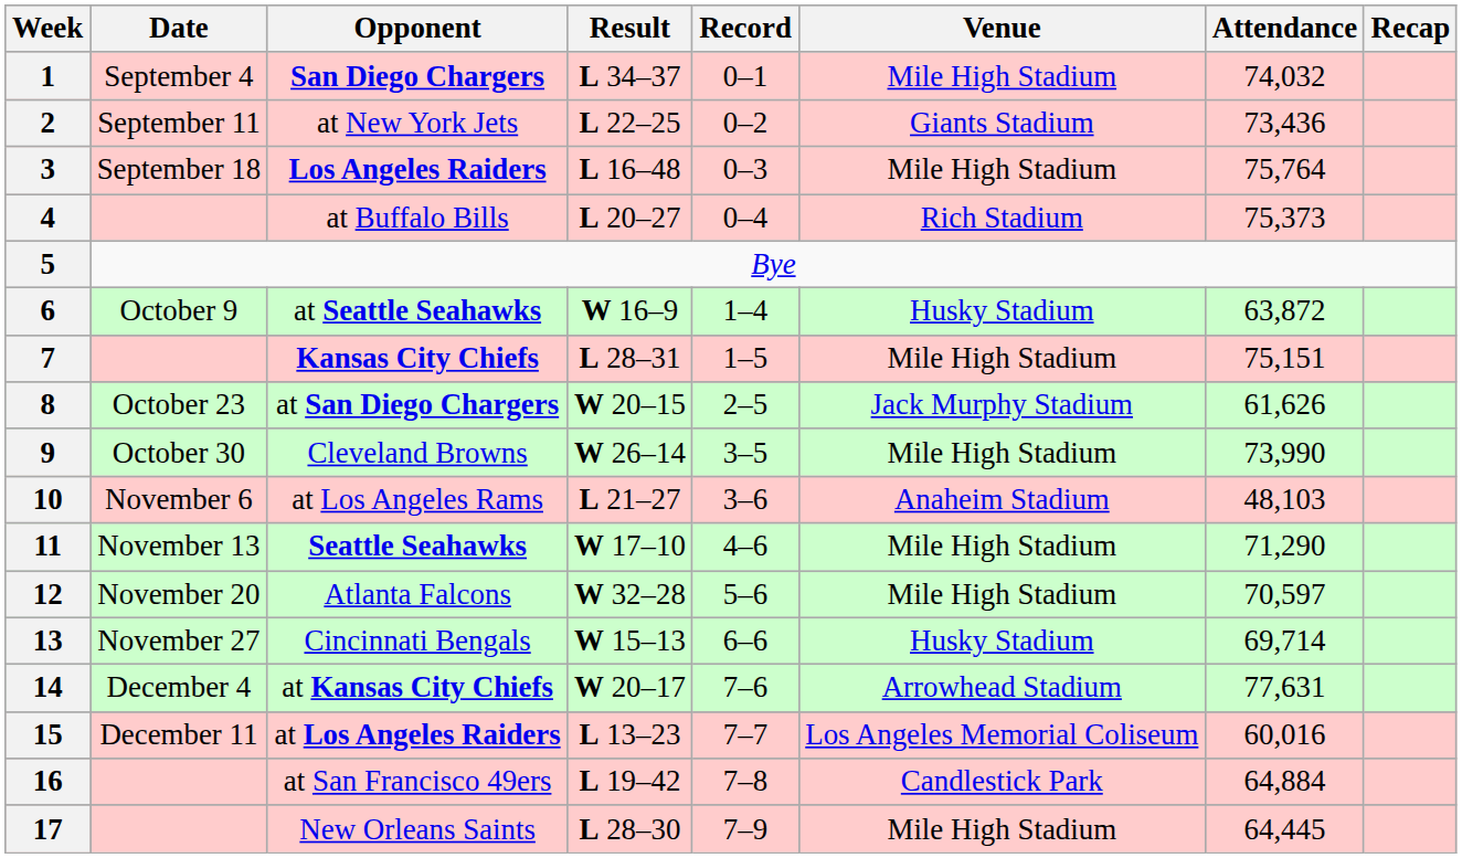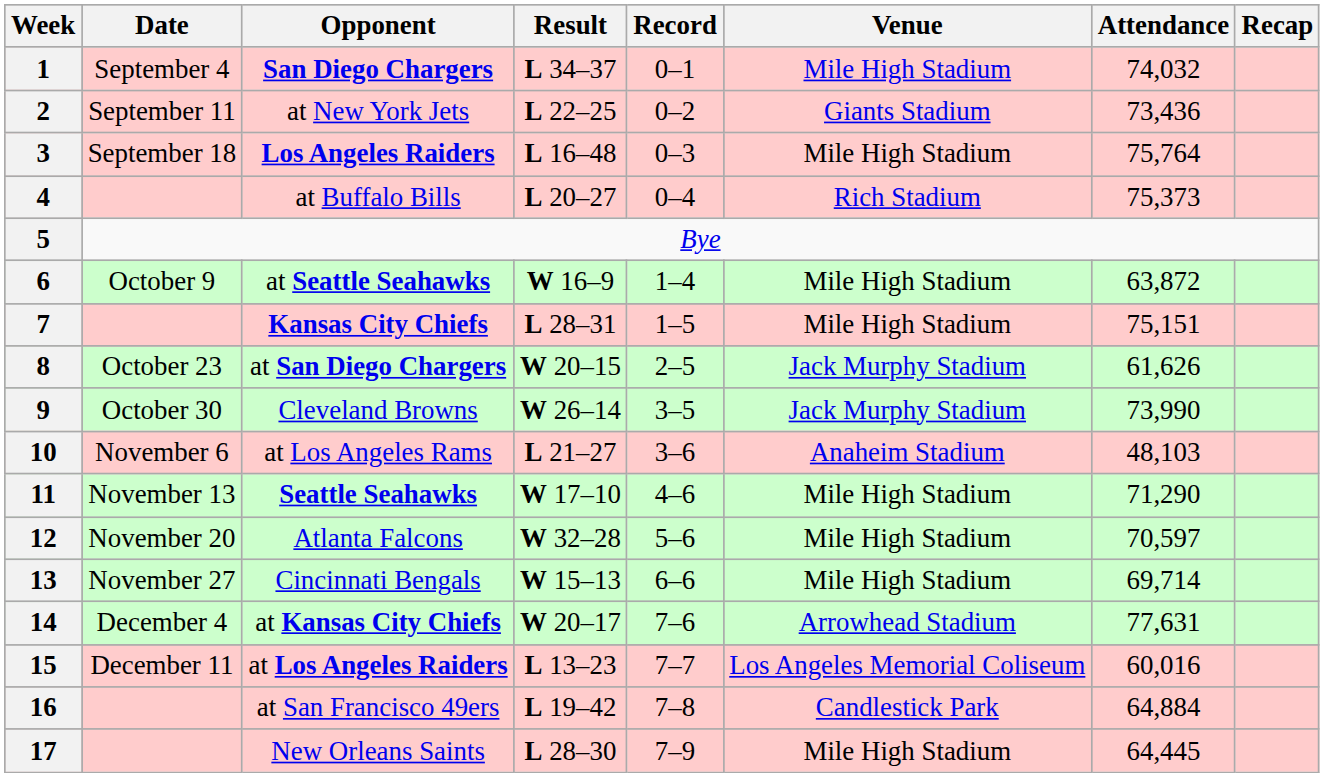 <table class="wikitable" style="text-align:center">
 <tr>
 <th>Week</th>
 <th>Date</th>
 <th>Opponent</th>
 <th>Result</th>
 <th>Record</th>
 <th>Venue</th>
 <th>Attendance</th>
 <th>Recap</th>
 </tr>
 <tr style="background:#fcc">
 <th>1</th>
 <td>September 4</td>
 <td><strong><a href='#'>San Diego Chargers</a></strong></td>
 <td><strong>L</strong> 34–37</td>
 <td>0–1</td>
 <td><a href='#'>Mile High Stadium</a></td>
 <td>74,032</td>
 <td></td>
 </tr>
 <tr style="background:#fcc">
 <th>2</th>
 <td>September 11</td>
 <td>at <a href='#'>New York Jets</a></td>
 <td><strong>L</strong> 22–25</td>
 <td>0–2</td>
 <td><a href='#'>Giants Stadium</a></td>
 <td>73,436</td>
 <td></td>
 </tr>
 <tr style="background:#fcc">
 <th>3</th>
 <td>September 18</td>
 <td><strong><a href='#'>Los Angeles Raiders</a></strong></td>
 <td><strong>L</strong> 16–48</td>
 <td>0–3</td>
 <td>Mile High Stadium</td>
 <td>75,764</td>
 <td></td>
 </tr>
 <tr style="background:#fcc">
 <th>4</th>
 <td></td>
 <td>at <a href='#'>Buffalo Bills</a></td>
 <td><strong>L</strong> 20–27</td>
 <td>0–4</td>
 <td><a href='#'>Rich Stadium</a></td>
 <td>75,373</td>
 <td></td>
 </tr>
 <tr align="center">
 <th>5</th>
 <td colspan="7"><em><a href='#'>Bye</a></em></td>
 </tr>
 <tr style="background:#cfc">
 <th>6</th>
 <td>October 9</td>
 <td>at <strong><a href='#'>Seattle Seahawks</a></strong></td>
 <td><strong>W</strong> 16–9</td>
 <td>1–4</td>
-<td><a href='#'>Husky Stadium</a></td>
+<td>Mile High Stadium</td>
 <td>63,872</td>
 <td></td>
 </tr>
 <tr style="background:#fcc">
 <th>7</th>
 <td></td>
 <td><strong><a href='#'>Kansas City Chiefs</a></strong></td>
 <td><strong>L</strong> 28–31</td>
 <td>1–5</td>
 <td>Mile High Stadium</td>
 <td>75,151</td>
 <td></td>
 </tr>
 <tr style="background:#cfc">
 <th>8</th>
 <td>October 23</td>
 <td>at <strong><a href='#'>San Diego Chargers</a></strong></td>
 <td><strong>W</strong> 20–15</td>
 <td>2–5</td>
 <td><a href='#'>Jack Murphy Stadium</a></td>
 <td>61,626</td>
 <td></td>
 </tr>
 <tr style="background:#cfc">
 <th>9</th>
 <td>October 30</td>
 <td><a href='#'>Cleveland Browns</a></td>
 <td><strong>W</strong> 26–14</td>
 <td>3–5</td>
-<td>Mile High Stadium</td>
+<td><a href='#'>Jack Murphy Stadium</a></td>
 <td>73,990</td>
 <td></td>
 </tr>
 <tr style="background:#fcc">
 <th>10</th>
 <td>November 6</td>
 <td>at <a href='#'>Los Angeles Rams</a></td>
 <td><strong>L</strong> 21–27</td>
 <td>3–6</td>
 <td><a href='#'>Anaheim Stadium</a></td>
 <td>48,103</td>
 <td></td>
 </tr>
 <tr style="background:#cfc">
 <th>11</th>
 <td>November 13</td>
 <td><strong><a href='#'>Seattle Seahawks</a></strong></td>
 <td><strong>W</strong> 17–10</td>
 <td>4–6</td>
 <td>Mile High Stadium</td>
 <td>71,290</td>
 <td></td>
 </tr>
 <tr style="background:#cfc">
 <th>12</th>
 <td>November 20</td>
 <td><a href='#'>Atlanta Falcons</a></td>
 <td><strong>W</strong> 32–28</td>
 <td>5–6</td>
 <td>Mile High Stadium</td>
 <td>70,597</td>
 <td></td>
 </tr>
 <tr style="background:#cfc">
 <th>13</th>
 <td>November 27</td>
 <td><a href='#'>Cincinnati Bengals</a></td>
 <td><strong>W</strong> 15–13</td>
 <td>6–6</td>
-<td><a href='#'>Husky Stadium</a></td>
+<td>Mile High Stadium</td>
 <td>69,714</td>
 <td></td>
 </tr>
 <tr style="background:#cfc">
 <th>14</th>
 <td>December 4</td>
 <td>at <strong><a href='#'>Kansas City Chiefs</a></strong></td>
 <td><strong>W</strong> 20–17</td>
 <td>7–6</td>
 <td><a href='#'>Arrowhead Stadium</a></td>
 <td>77,631</td>
 <td></td>
 </tr>
 <tr style="background:#fcc">
 <th>15</th>
 <td>December 11</td>
 <td>at <strong><a href='#'>Los Angeles Raiders</a></strong></td>
 <td><strong>L</strong> 13–23</td>
 <td>7–7</td>
 <td><a href='#'>Los Angeles Memorial Coliseum</a></td>
 <td>60,016</td>
 <td></td>
 </tr>
 <tr style="background:#fcc">
 <th>16</th>
 <td></td>
 <td>at <a href='#'>San Francisco 49ers</a></td>
 <td><strong>L</strong> 19–42</td>
 <td>7–8</td>
 <td><a href='#'>Candlestick Park</a></td>
 <td>64,884</td>
 <td></td>
 </tr>
 <tr style="background:#fcc">
 <th>17</th>
 <td></td>
 <td><a href='#'>New Orleans Saints</a></td>
 <td><strong>L</strong> 28–30</td>
 <td>7–9</td>
 <td>Mile High Stadium</td>
 <td>64,445</td>
 <td></td>
 </tr>
 </table>
